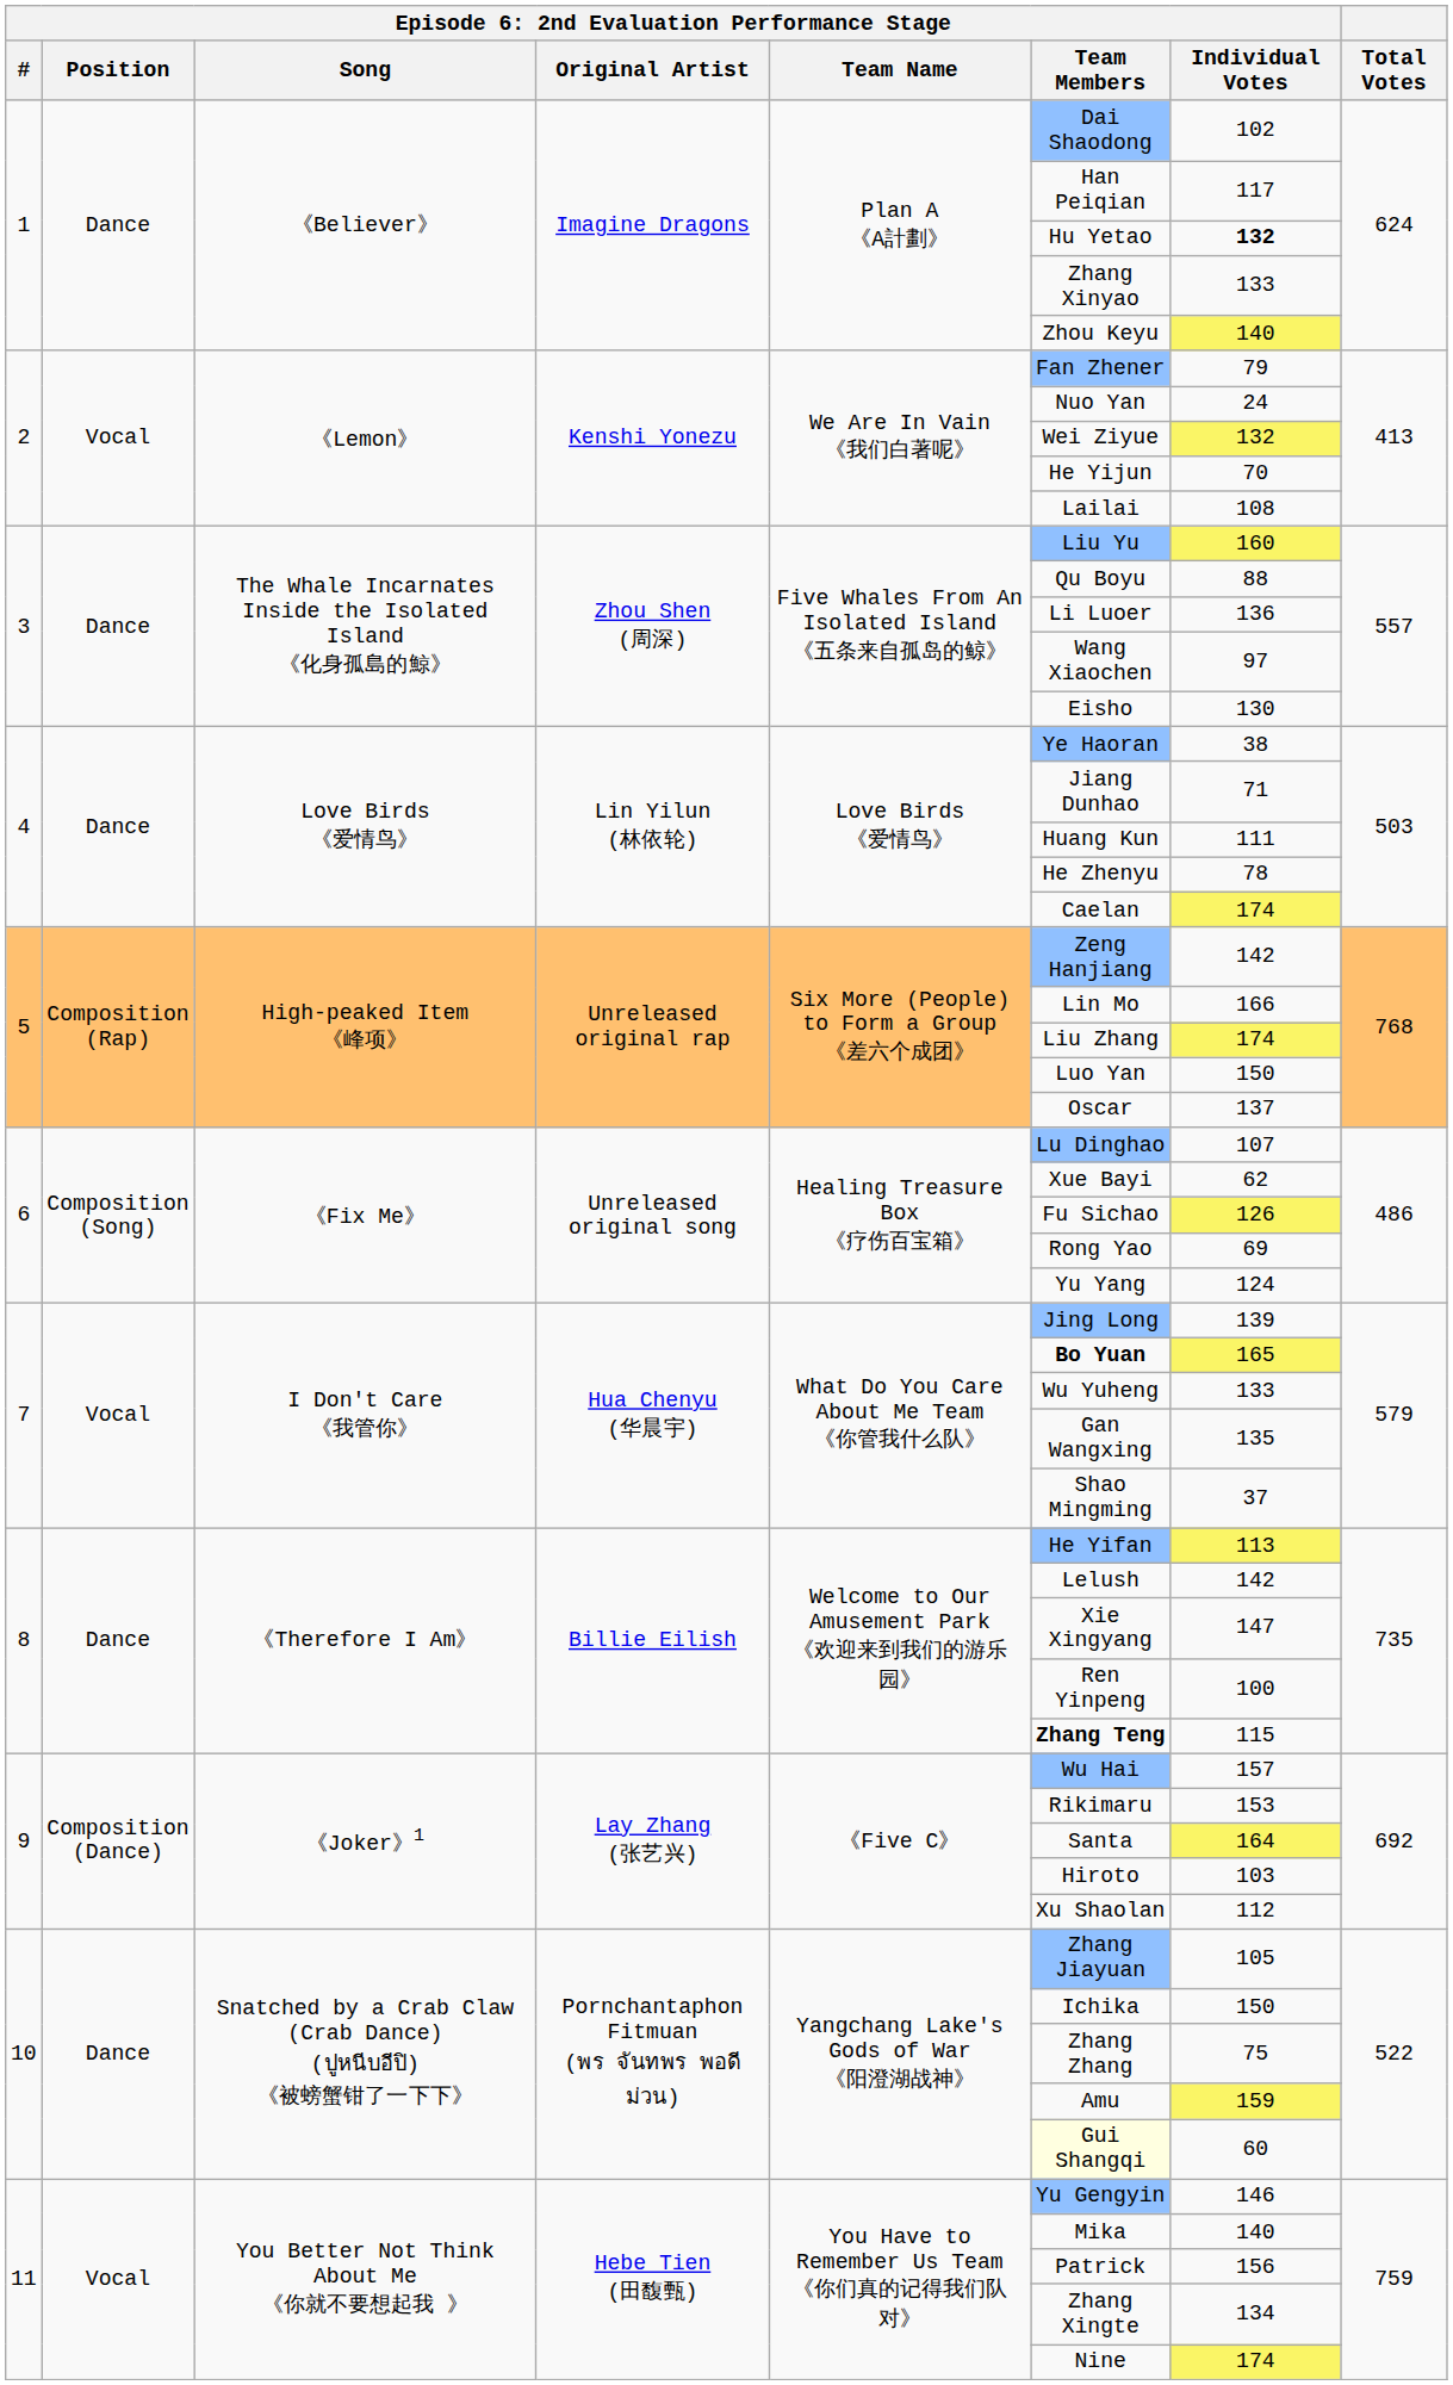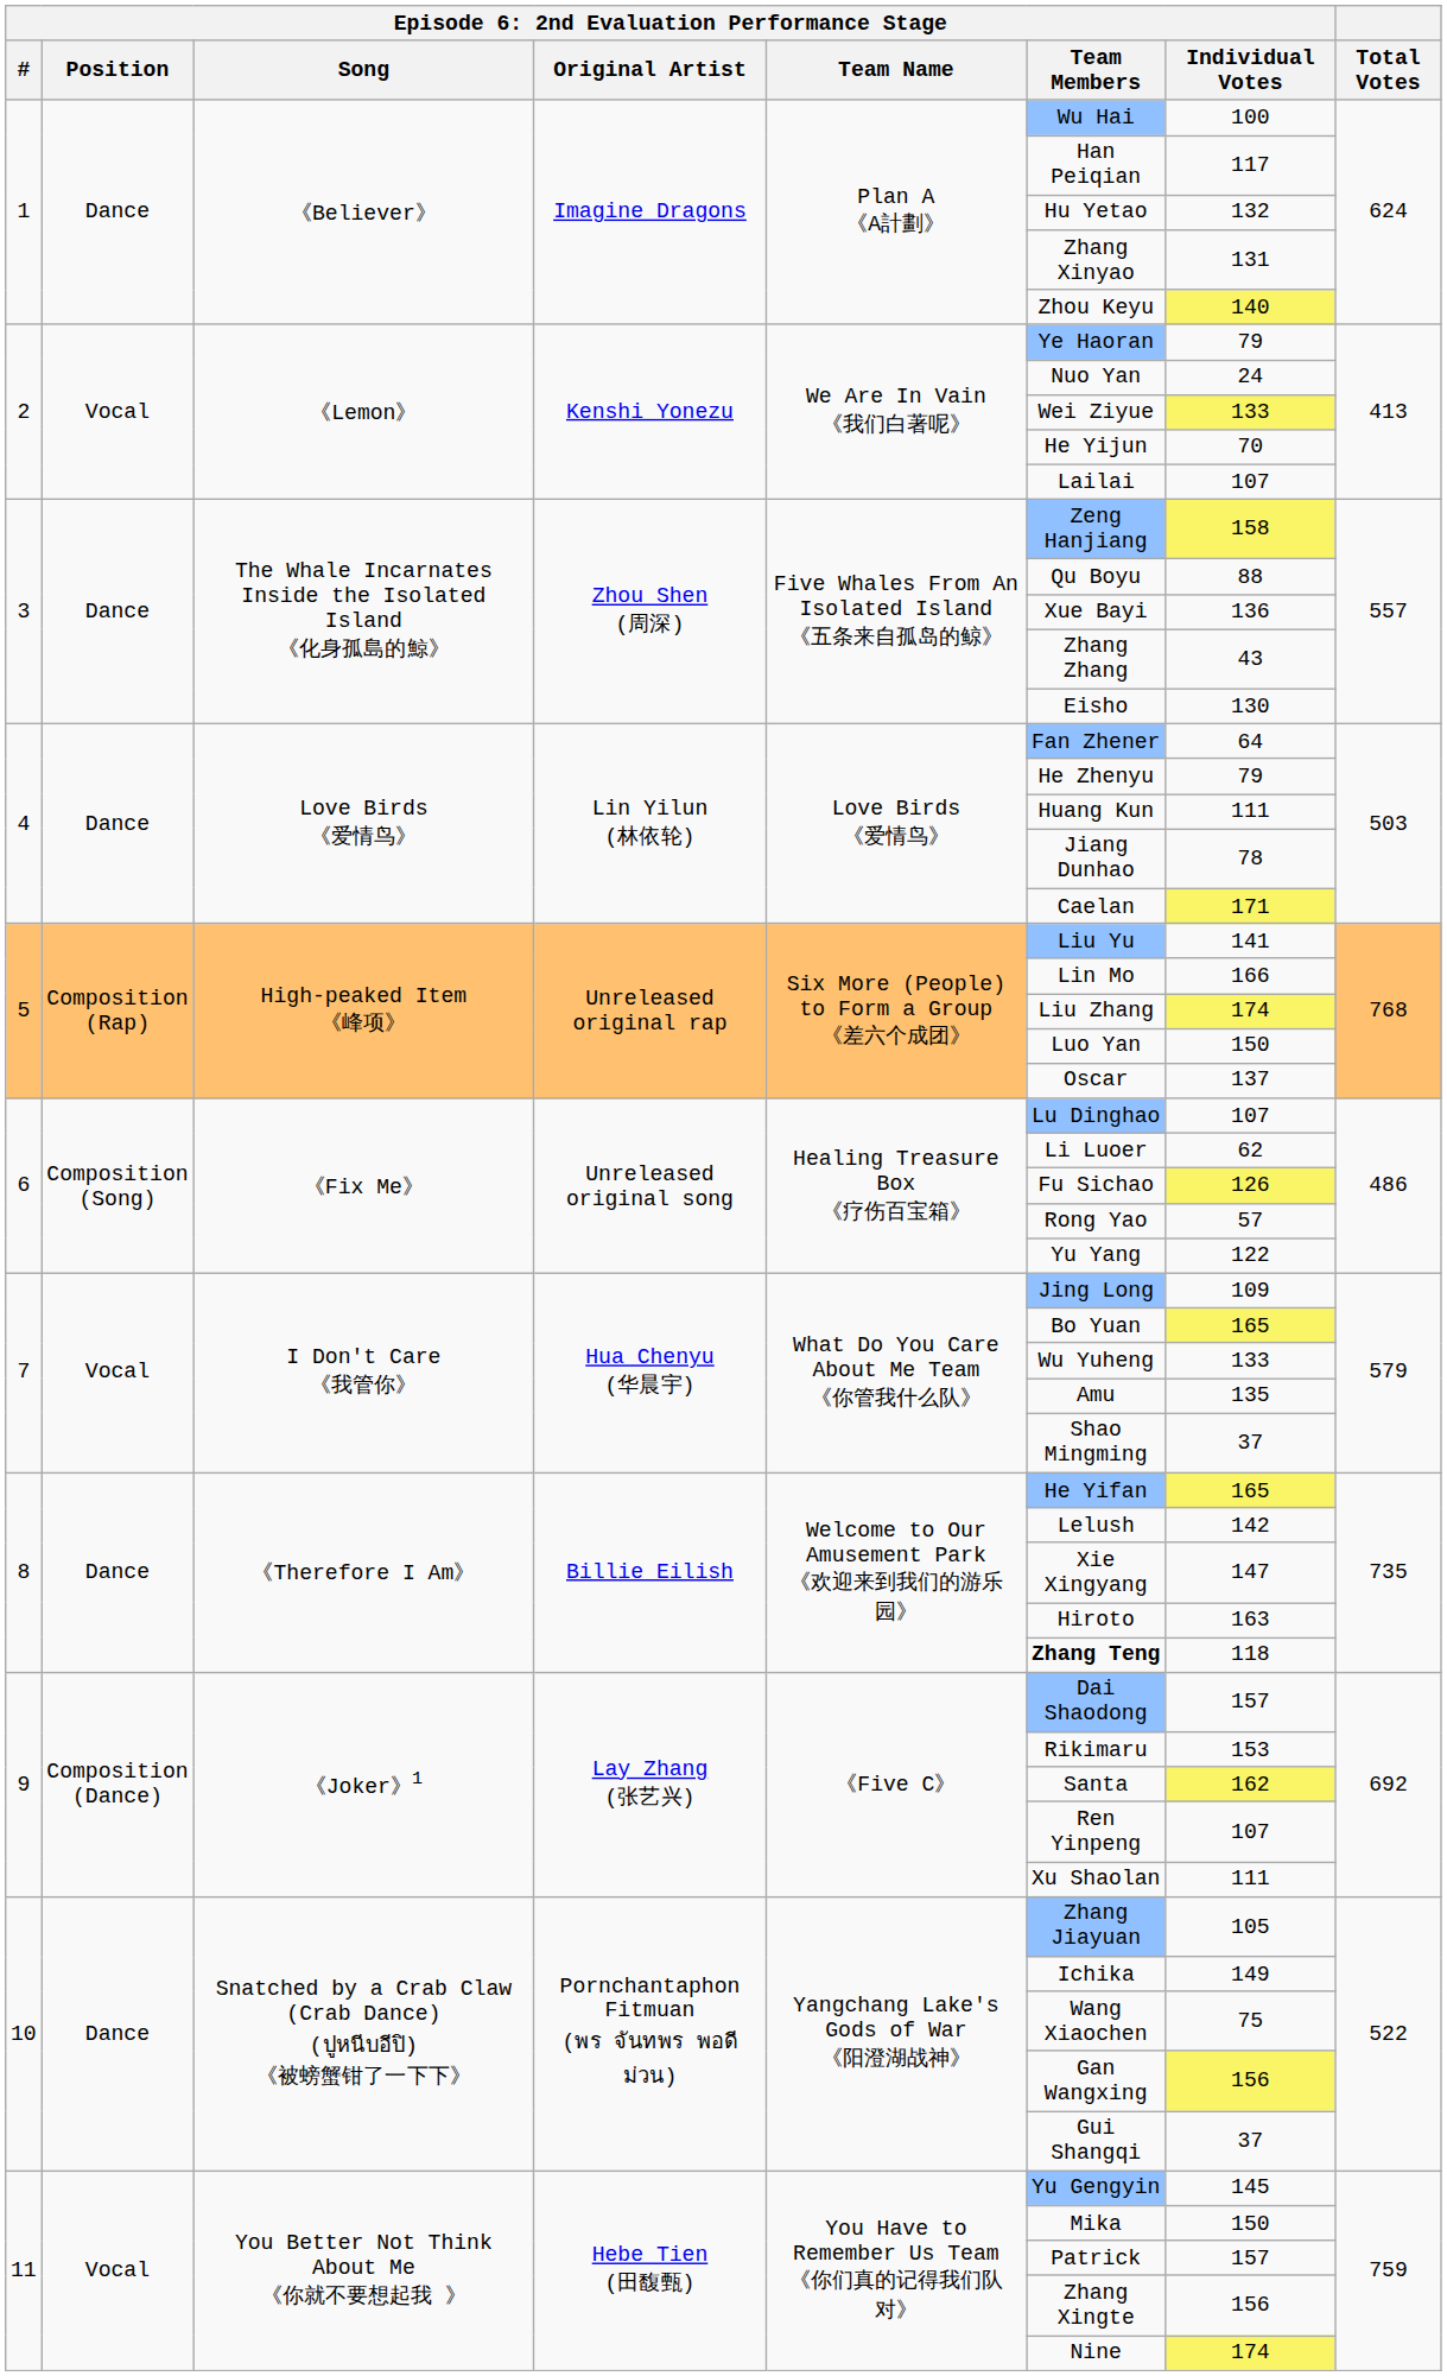 <table class="wikitable sortable" style="text-align:center;">
 <tr>
 <th colspan="7">Episode 6: 2nd Evaluation Performance Stage</th>
 <th></th>
 </tr>
 <tr>
 <th>#</th>
 <th>Position</th>
 <th>Song</th>
 <th>Original Artist</th>
 <th>Team Name</th>
 <th>Team Members</th>
 <th>Individual Votes</th>
 <th>Total Votes</th>
 </tr>
 <tr>
 <td rowspan="5">1</td>
 <td rowspan="5">Dance</td>
 <td rowspan="5">《Believer》</td>
 <td rowspan="5"><a href='#'>Imagine Dragons</a></td>
 <td rowspan="5">Plan A<br>《A計劃》</td>
-<td style="background:#90C0FF">Dai Shaodong</td>
-<td>102</td>
+<td style="background:#90C0FF">Wu Hai</td>
+<td>100</td>
 <td rowspan="5">624</td>
 </tr>
 <tr>
 <td>Han Peiqian</td>
 <td>117</td>
 </tr>
 <tr>
 <td>Hu Yetao</td>
-<td><strong>132</strong></td>
+<td>132</td>
 </tr>
 <tr>
 <td>Zhang Xinyao</td>
-<td>133</td>
+<td>131</td>
 </tr>
 <tr>
 <td>Zhou  Keyu</td>
 <td style="background:#FAF566">140</td>
 </tr>
 <tr>
 <td rowspan="5">2</td>
 <td rowspan="5">Vocal</td>
 <td rowspan="5">《Lemon》</td>
 <td rowspan="5"><a href='#'>Kenshi Yonezu</a></td>
 <td rowspan="5">We Are In Vain<br>《我们白著呢》</td>
-<td style="background:#90C0FF">Fan Zhener</td>
+<td style="background:#90C0FF">Ye Haoran</td>
 <td>79</td>
 <td rowspan="5">413</td>
 </tr>
 <tr>
 <td>Nuo Yan</td>
 <td>24</td>
 </tr>
 <tr>
 <td>Wei Ziyue</td>
-<td style="background:#FAF566">132</td>
+<td style="background:#FAF566">133</td>
 </tr>
 <tr>
 <td>He Yijun</td>
 <td>70</td>
 </tr>
 <tr>
 <td>Lailai</td>
-<td>108</td>
+<td>107</td>
 </tr>
 <tr>
 <td rowspan="5">3</td>
 <td rowspan="5">Dance</td>
 <td rowspan="5">The Whale Incarnates Inside the Isolated Island<br>《化身孤島的鯨》</td>
 <td rowspan="5"><a href='#'>Zhou Shen</a><br>(周深)</td>
 <td rowspan="5">Five Whales From An Isolated Island<br>《五条来自孤岛的鲸》</td>
-<td style="background:#90C0FF">Liu Yu</td>
-<td style="background:#FAF566">160</td>
+<td style="background:#90C0FF">Zeng Hanjiang</td>
+<td style="background:#FAF566">158</td>
 <td rowspan="5">557</td>
 </tr>
 <tr>
 <td>Qu Boyu</td>
 <td>88</td>
 </tr>
 <tr>
-<td>Li Luoer</td>
+<td>Xue Bayi</td>
 <td>136</td>
 </tr>
 <tr>
-<td>Wang Xiaochen</td>
-<td>97</td>
+<td>Zhang Zhang</td>
+<td>43</td>
 </tr>
 <tr>
 <td>Eisho</td>
 <td>130</td>
 </tr>
 <tr>
 <td rowspan="5">4</td>
 <td rowspan="5">Dance</td>
 <td rowspan="5">Love Birds<br>《爱情鸟》</td>
 <td rowspan="5">Lin Yilun<br>(林依轮)</td>
 <td rowspan="5">Love Birds<br>《爱情鸟》</td>
-<td style="background:#90C0FF">Ye Haoran</td>
-<td>38</td>
+<td style="background:#90C0FF">Fan Zhener</td>
+<td>64</td>
 <td rowspan="5">503</td>
 </tr>
 <tr>
-<td>Jiang Dunhao</td>
-<td>71</td>
+<td>He Zhenyu</td>
+<td>79</td>
 </tr>
 <tr>
 <td>Huang Kun</td>
 <td>111</td>
 </tr>
 <tr>
-<td>He Zhenyu</td>
+<td>Jiang Dunhao</td>
 <td>78</td>
 </tr>
 <tr>
 <td>Caelan</td>
-<td style="background:#FAF566">174</td>
+<td style="background:#FAF566">171</td>
 </tr>
 <tr>
 <td rowspan="5" style="background:#FFC06F">5</td>
 <td rowspan="5" style="background:#FFC06F">Composition<br>(Rap)</td>
 <td rowspan="5" style="background:#FFC06F">High-peaked Item<br>《峰项》</td>
 <td rowspan="5" style="background:#FFC06F">Unreleased<br>original rap</td>
 <td rowspan="5" style="background:#FFC06F">Six More (People) to Form a Group<br>《差六个成团》</td>
-<td style="background:#90C0FF">Zeng Hanjiang</td>
-<td>142</td>
+<td style="background:#90C0FF">Liu Yu</td>
+<td>141</td>
 <td rowspan="5" style="background:#FFC06F">768</td>
 </tr>
 <tr>
 <td>Lin Mo</td>
 <td>166</td>
 </tr>
 <tr>
 <td>Liu Zhang</td>
 <td style="background:#FAF566">174</td>
 </tr>
 <tr>
 <td>Luo Yan</td>
 <td>150</td>
 </tr>
 <tr>
 <td>Oscar</td>
 <td>137</td>
 </tr>
 <tr>
 <td rowspan="5">6</td>
 <td rowspan="5">Composition<br>(Song)</td>
 <td rowspan="5">《Fix Me》</td>
 <td rowspan="5">Unreleased<br>original song</td>
 <td rowspan="5">Healing Treasure Box<br>《疗伤百宝箱》</td>
 <td style="background:#90C0FF">Lu Dinghao</td>
 <td>107</td>
 <td rowspan="5">486</td>
 </tr>
 <tr>
-<td>Xue Bayi</td>
+<td>Li Luoer</td>
 <td>62</td>
 </tr>
 <tr>
 <td>Fu Sichao</td>
 <td style="background:#FAF566">126</td>
 </tr>
 <tr>
 <td>Rong Yao</td>
-<td>69</td>
+<td>57</td>
 </tr>
 <tr>
 <td>Yu Yang</td>
-<td>124</td>
+<td>122</td>
 </tr>
 <tr>
 <td rowspan="5">7</td>
 <td rowspan="5">Vocal</td>
 <td rowspan="5">I Don't Care<br>《我管你》</td>
 <td rowspan="5"><a href='#'>Hua Chenyu</a><br>(华晨宇)</td>
 <td rowspan="5">What Do You Care About Me Team<br>《你管我什么队》</td>
 <td style="background:#90C0FF">Jing Long</td>
-<td>139</td>
+<td>109</td>
 <td rowspan="5">579</td>
 </tr>
 <tr>
-<td><strong>Bo Yuan</strong></td>
+<td>Bo Yuan</td>
 <td style="background:#FAF566">165</td>
 </tr>
 <tr>
 <td>Wu Yuheng</td>
 <td>133</td>
 </tr>
 <tr>
-<td>Gan Wangxing</td>
+<td>Amu</td>
 <td>135</td>
 </tr>
 <tr>
 <td>Shao Mingming</td>
 <td>37</td>
 </tr>
 <tr>
 <td rowspan="5">8</td>
 <td rowspan="5">Dance</td>
 <td rowspan="5">《Therefore I Am》</td>
 <td rowspan="5"><a href='#'>Billie Eilish</a></td>
 <td rowspan="5">Welcome to Our Amusement Park<br>《欢迎来到我们的游乐园》</td>
 <td style="background:#90C0FF">He Yifan</td>
-<td style="background:#FAF566">113</td>
+<td style="background:#FAF566">165</td>
 <td rowspan="5">735</td>
 </tr>
 <tr>
 <td>Lelush</td>
 <td>142</td>
 </tr>
 <tr>
 <td>Xie Xingyang</td>
 <td>147</td>
 </tr>
 <tr>
-<td>Ren Yinpeng</td>
-<td>100</td>
+<td>Hiroto</td>
+<td>163</td>
 </tr>
 <tr>
 <td><strong>Zhang Teng</strong></td>
-<td>115</td>
+<td>118</td>
 </tr>
 <tr>
 <td rowspan="5">9</td>
 <td rowspan="5">Composition<br>(Dance)</td>
 <td rowspan="5">《Joker》<sup>1</sup></td>
 <td rowspan="5"><a href='#'>Lay Zhang</a><br>(张艺兴)</td>
 <td rowspan="5">《Five C》</td>
-<td style="background:#90C0FF">Wu Hai</td>
+<td style="background:#90C0FF">Dai Shaodong</td>
 <td>157</td>
 <td rowspan="5">692</td>
 </tr>
 <tr>
 <td>Rikimaru</td>
 <td>153</td>
 </tr>
 <tr>
 <td>Santa</td>
-<td style="background:#FAF566">164</td>
+<td style="background:#FAF566">162</td>
 </tr>
 <tr>
-<td>Hiroto</td>
-<td>103</td>
+<td>Ren Yinpeng</td>
+<td>107</td>
 </tr>
 <tr>
 <td>Xu Shaolan</td>
-<td>112</td>
+<td>111</td>
 </tr>
 <tr>
 <td rowspan="5">10</td>
 <td rowspan="5">Dance</td>
 <td rowspan="5">Snatched by a Crab Claw (Crab Dance)<br>(ปูหนีบอีปิ)<br>《被螃蟹钳了一下下》</td>
 <td rowspan="5">Pornchantaphon Fitmuan<br>(พร จันทพร พอดีม่วน)</td>
 <td rowspan="5">Yangchang Lake's Gods of War<br>《阳澄湖战神》</td>
 <td style="background:#90C0FF">Zhang Jiayuan</td>
 <td>105</td>
 <td rowspan="5">522</td>
 </tr>
 <tr>
 <td>Ichika</td>
-<td>150</td>
+<td>149</td>
 </tr>
 <tr>
-<td>Zhang Zhang</td>
+<td>Wang Xiaochen</td>
 <td>75</td>
 </tr>
 <tr>
-<td>Amu</td>
-<td style="background:#FAF566">159</td>
+<td>Gan Wangxing</td>
+<td style="background:#FAF566">156</td>
 </tr>
 <tr>
-<td style="background: lightyellow;">Gui Shangqi</td>
-<td>60</td>
+<td>Gui Shangqi</td>
+<td>37</td>
 </tr>
 <tr>
 <td rowspan="5">11</td>
 <td rowspan="5">Vocal</td>
 <td rowspan="5">You Better Not Think About Me<br>《你就不要想起我 》</td>
 <td rowspan="5"><a href='#'>Hebe Tien</a><br>(田馥甄)</td>
 <td rowspan="5">You Have to Remember Us Team<br>《你们真的记得我们队对》</td>
 <td style="background:#90C0FF">Yu Gengyin</td>
-<td>146</td>
+<td>145</td>
 <td rowspan="5">759</td>
 </tr>
 <tr>
 <td>Mika</td>
-<td>140</td>
+<td>150</td>
 </tr>
 <tr>
 <td>Patrick</td>
-<td>156</td>
+<td>157</td>
 </tr>
 <tr>
 <td>Zhang Xingte</td>
-<td>134</td>
+<td>156</td>
 </tr>
 <tr>
 <td>Nine</td>
 <td style="background:#FAF566">174</td>
 </tr>
 </table>
